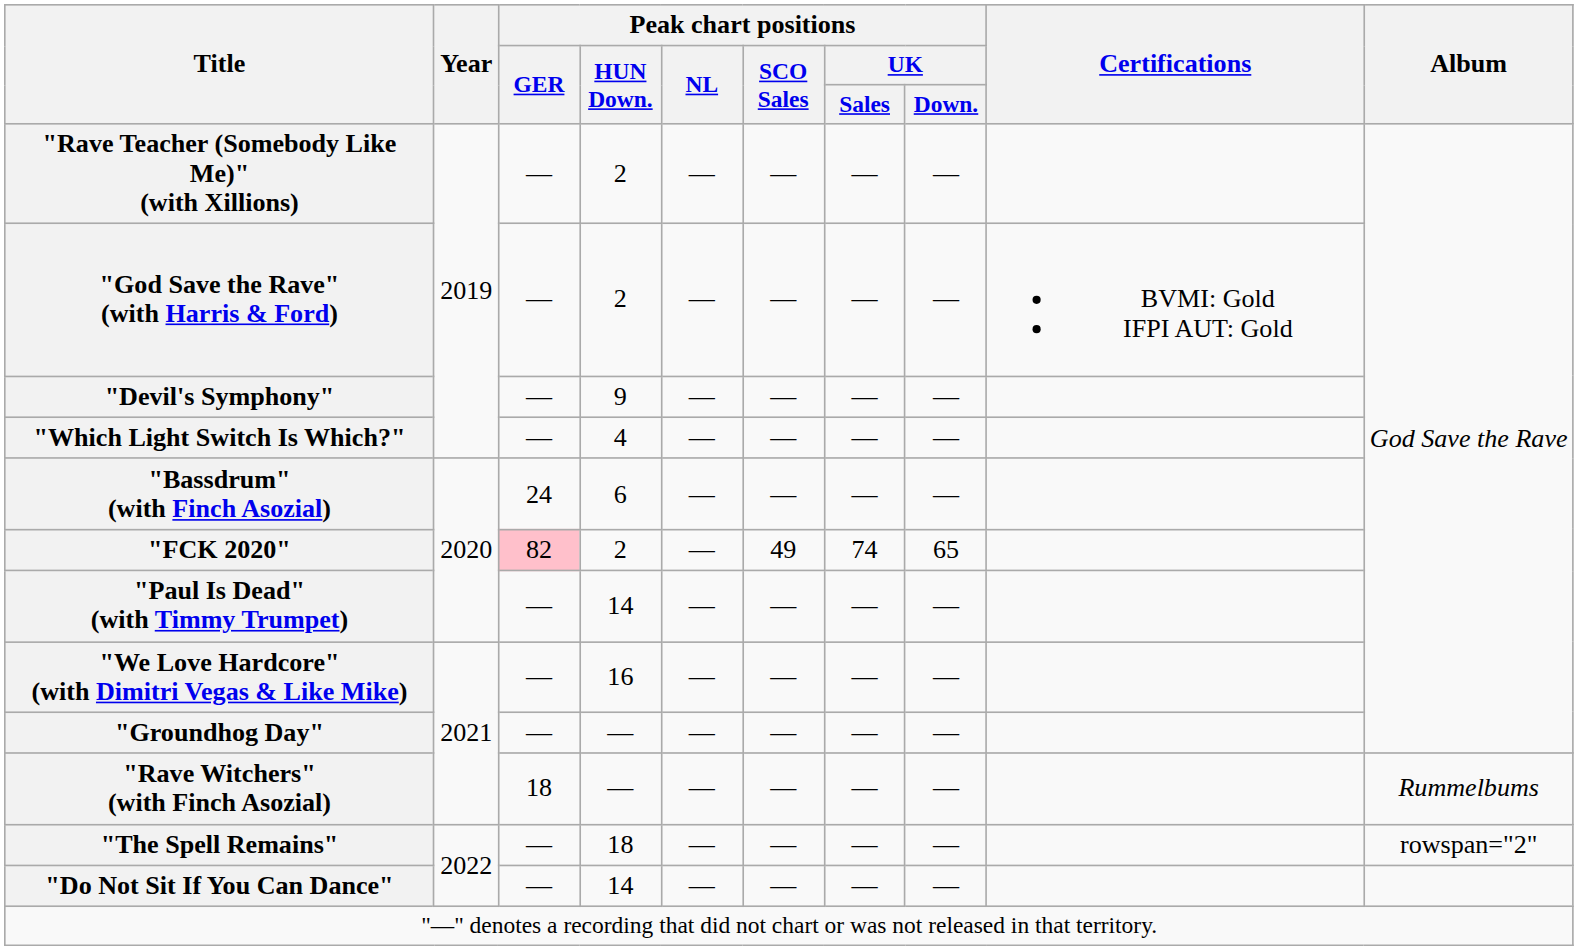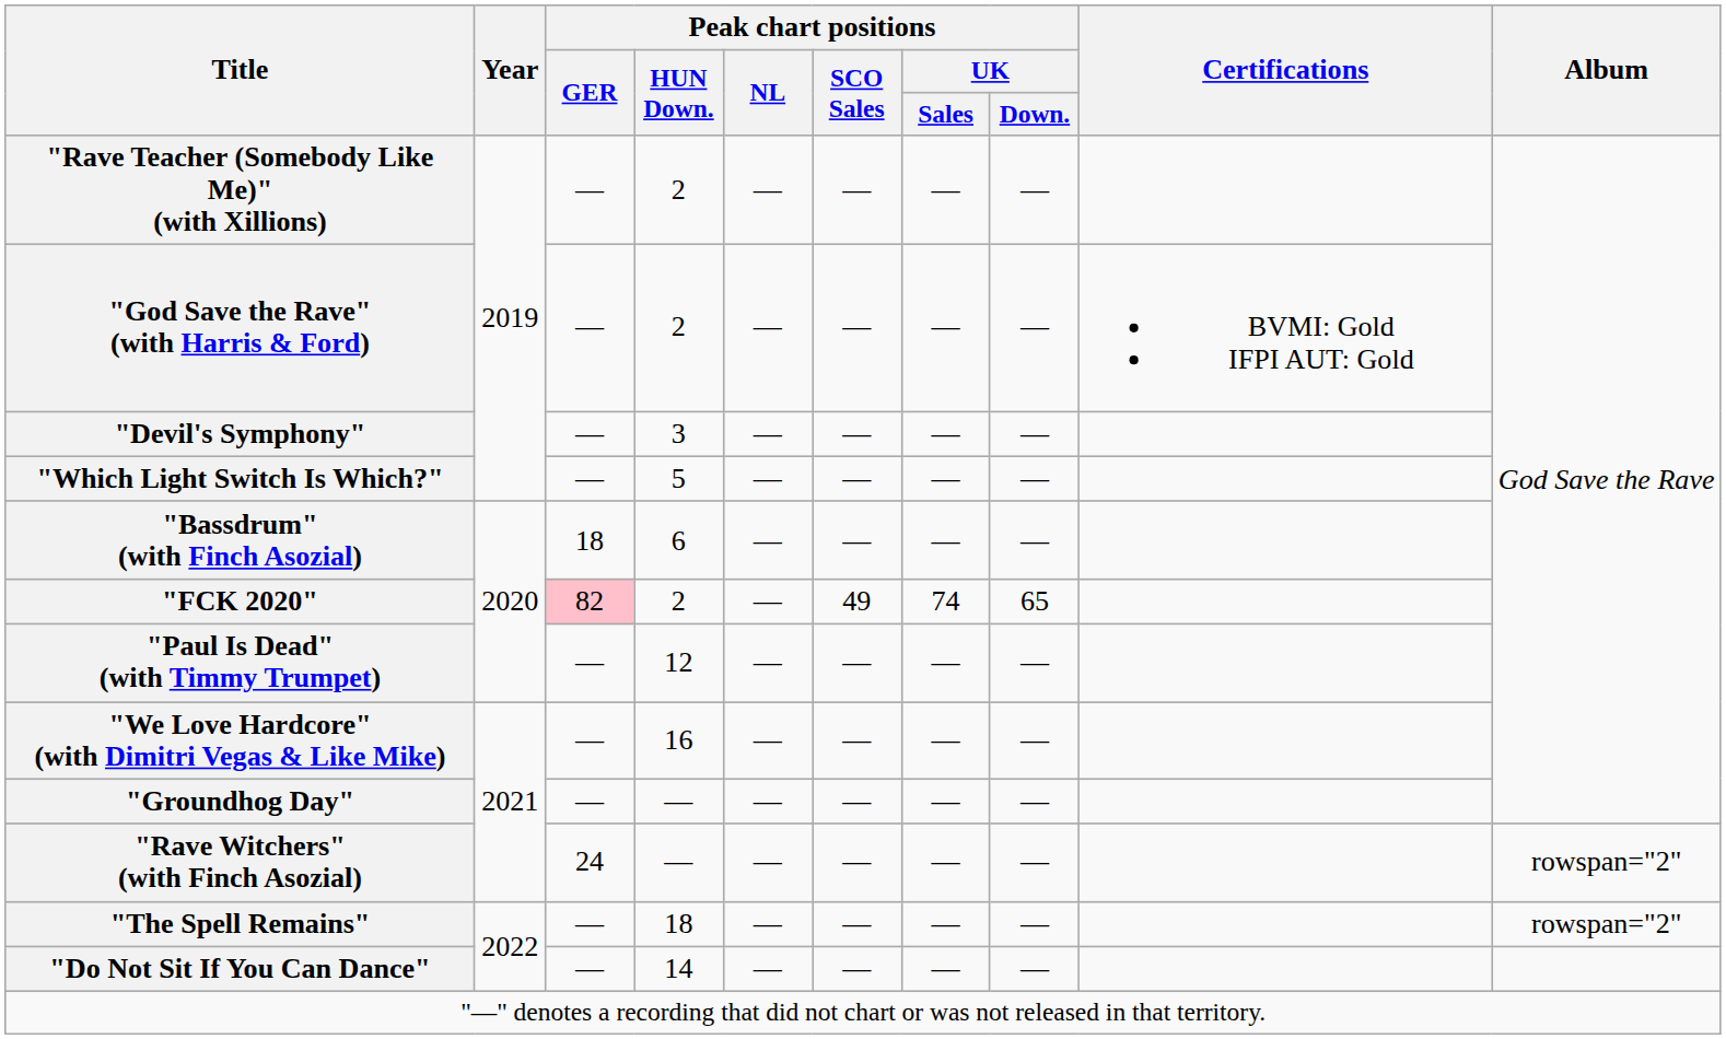 <table class="wikitable plainrowheaders" style="text-align:center;">
 <tr>
 <th rowspan="3" scope="col" style="width:16em;">Title</th>
 <th rowspan="3" scope="col">Year</th>
 <th colspan="6" scope="col">Peak chart positions</th>
 <th rowspan="3" scope="col" style="width:14em;"><a href='#'>Certifications</a></th>
 <th rowspan="3" scope="col">Album</th>
 </tr>
 <tr>
 <th rowspan="2" style="width:3em;font-size:90%"><a href='#'>GER</a><br></th>
 <th rowspan="2" style="width:3em;font-size:90%"><a href='#'>HUN Down.</a><br></th>
 <th rowspan="2" style="width:3em;font-size:90%"><a href='#'>NL</a><br></th>
 <th rowspan="2" style="width:3em;font-size:90%"><a href='#'>SCO Sales</a><br></th>
 <th colspan="2" style="width:3em;font-size:90%"><a href='#'>UK</a></th>
 </tr>
 <tr>
 <th style="width:3em;font-size:90%"><a href='#'>Sales</a>  </th>
 <th style="width:3em;font-size:90%"><a href='#'>Down.</a></th>
 </tr>
 <tr>
 <th scope="row">"Rave Teacher (Somebody Like Me)"<br><span>(with Xillions)</span></th>
 <td rowspan="4">2019</td>
 <td>—</td>
 <td>2</td>
 <td>—</td>
 <td>—</td>
 <td>—</td>
 <td>—</td>
 <td></td>
 <td rowspan="9"><em>God Save the Rave</em></td>
 </tr>
 <tr>
 <th scope="row">"God Save the Rave"<br><span>(with <a href='#'>Harris & Ford</a>)</span></th>
 <td>—</td>
 <td>2</td>
 <td>—</td>
 <td>—</td>
 <td>—</td>
 <td>—</td>
 <td><br><ul><li>BVMI: Gold</li><li>IFPI AUT: Gold</li></ul></td>
 </tr>
 <tr>
 <th scope="row">"Devil's Symphony"</th>
 <td>—</td>
-<td>9</td>
+<td>3</td>
 <td>—</td>
 <td>—</td>
 <td>—</td>
 <td>—</td>
 <td></td>
 </tr>
 <tr>
 <th scope="row">"Which Light Switch Is Which?"</th>
 <td>—</td>
-<td>4</td>
+<td>5</td>
 <td>—</td>
 <td>—</td>
 <td>—</td>
 <td>—</td>
 <td></td>
 </tr>
 <tr>
 <th scope="row">"Bassdrum"<br><span>(with <a href='#'>Finch Asozial</a>)</span></th>
 <td rowspan="3">2020</td>
-<td>24</td>
+<td>18</td>
 <td>6</td>
 <td>—</td>
 <td>—</td>
 <td>—</td>
 <td>—</td>
 <td></td>
 </tr>
 <tr>
 <th scope="row">"FCK 2020"</th>
 <td style="background: pink;">82</td>
 <td>2</td>
 <td>—</td>
 <td>49</td>
 <td>74</td>
 <td>65</td>
 <td></td>
 </tr>
 <tr>
 <th scope="row">"Paul Is Dead" <br><span>(with <a href='#'>Timmy Trumpet</a>)</span></th>
 <td>—</td>
-<td>14</td>
+<td>12</td>
 <td>—</td>
 <td>—</td>
 <td>—</td>
 <td>—</td>
 <td></td>
 </tr>
 <tr>
 <th scope="row">"We Love Hardcore" <br><span>(with <a href='#'>Dimitri Vegas & Like Mike</a>)</span></th>
 <td rowspan="3">2021</td>
 <td>—</td>
 <td>16</td>
 <td>—</td>
 <td>—</td>
 <td>—</td>
 <td>—</td>
 <td></td>
 </tr>
 <tr>
 <th scope="row">"Groundhog Day"</th>
 <td>—</td>
 <td>—</td>
 <td>—</td>
 <td>—</td>
 <td>—</td>
 <td>—</td>
 <td></td>
 </tr>
 <tr>
 <th scope="row">"Rave Witchers"<br><span>(with Finch Asozial)</span></th>
-<td>18</td>
+<td>24</td>
 <td>—</td>
 <td>—</td>
 <td>—</td>
 <td>—</td>
 <td>—</td>
 <td></td>
-<td><em>Rummelbums</em></td>
+<td>rowspan="2" </td>
 </tr>
 <tr>
 <th scope="row">"The Spell Remains"</th>
 <td rowspan="2">2022</td>
 <td>—</td>
 <td>18</td>
 <td>—</td>
 <td>—</td>
 <td>—</td>
 <td>—</td>
 <td></td>
 <td>rowspan="2" </td>
 </tr>
 <tr>
 <th scope="row">"Do Not Sit If You Can Dance"</th>
 <td>—</td>
 <td>14</td>
 <td>—</td>
 <td>—</td>
 <td>—</td>
 <td>—</td>
 <td></td>
 </tr>
 <tr>
 <td colspan="10" style="font-size:90%">"—" denotes a recording that did not chart or was not released in that territory.</td>
 </tr>
 </table>
